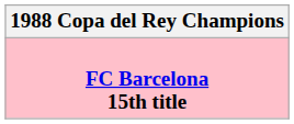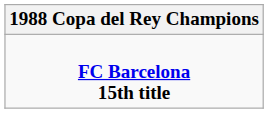 <table class=wikitable style="text-align:center; margin:auto">
 <tr>
 <th>1988 Copa del Rey Champions</th>
 </tr>
 <tr>
-<td style="background: pink;"><br> <strong><a href='#'>FC Barcelona</a></strong> <br> <strong>15th title</strong></td>
+<td><br> <strong><a href='#'>FC Barcelona</a></strong> <br> <strong>15th title</strong></td>
 </tr>
 </table>
